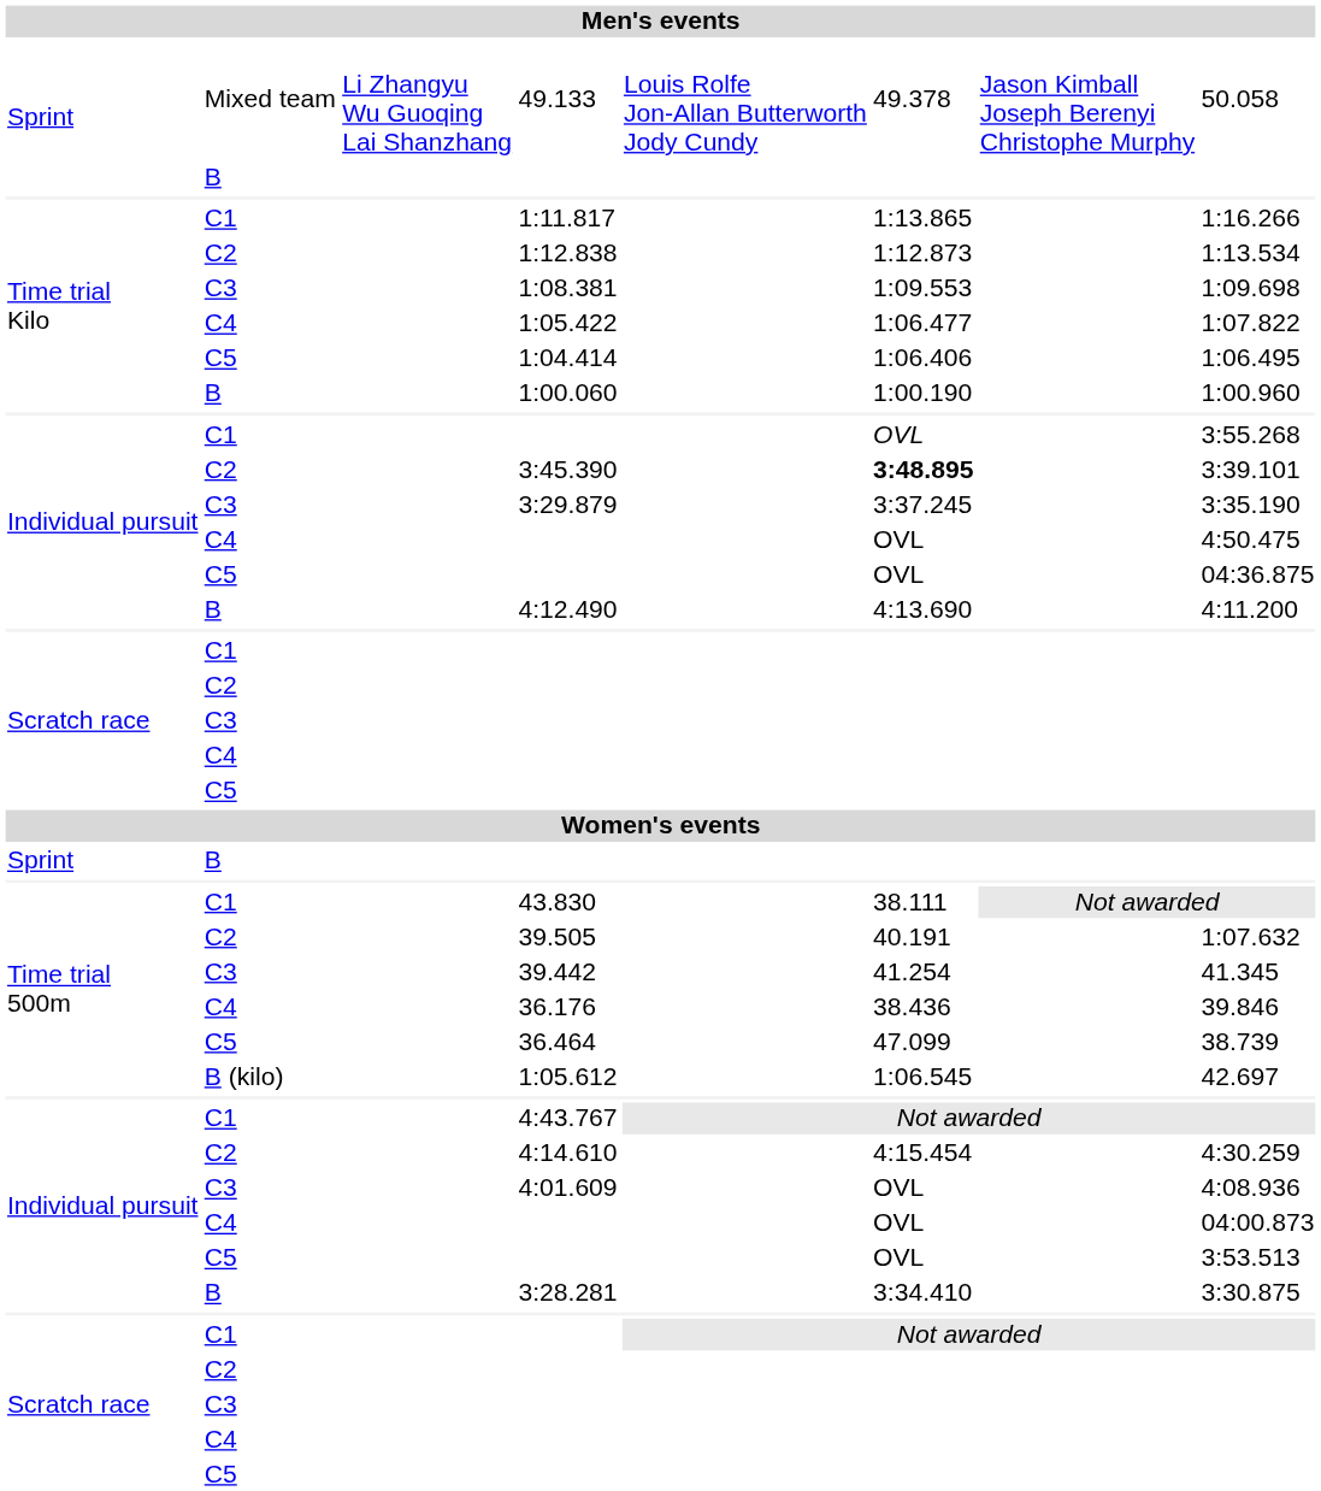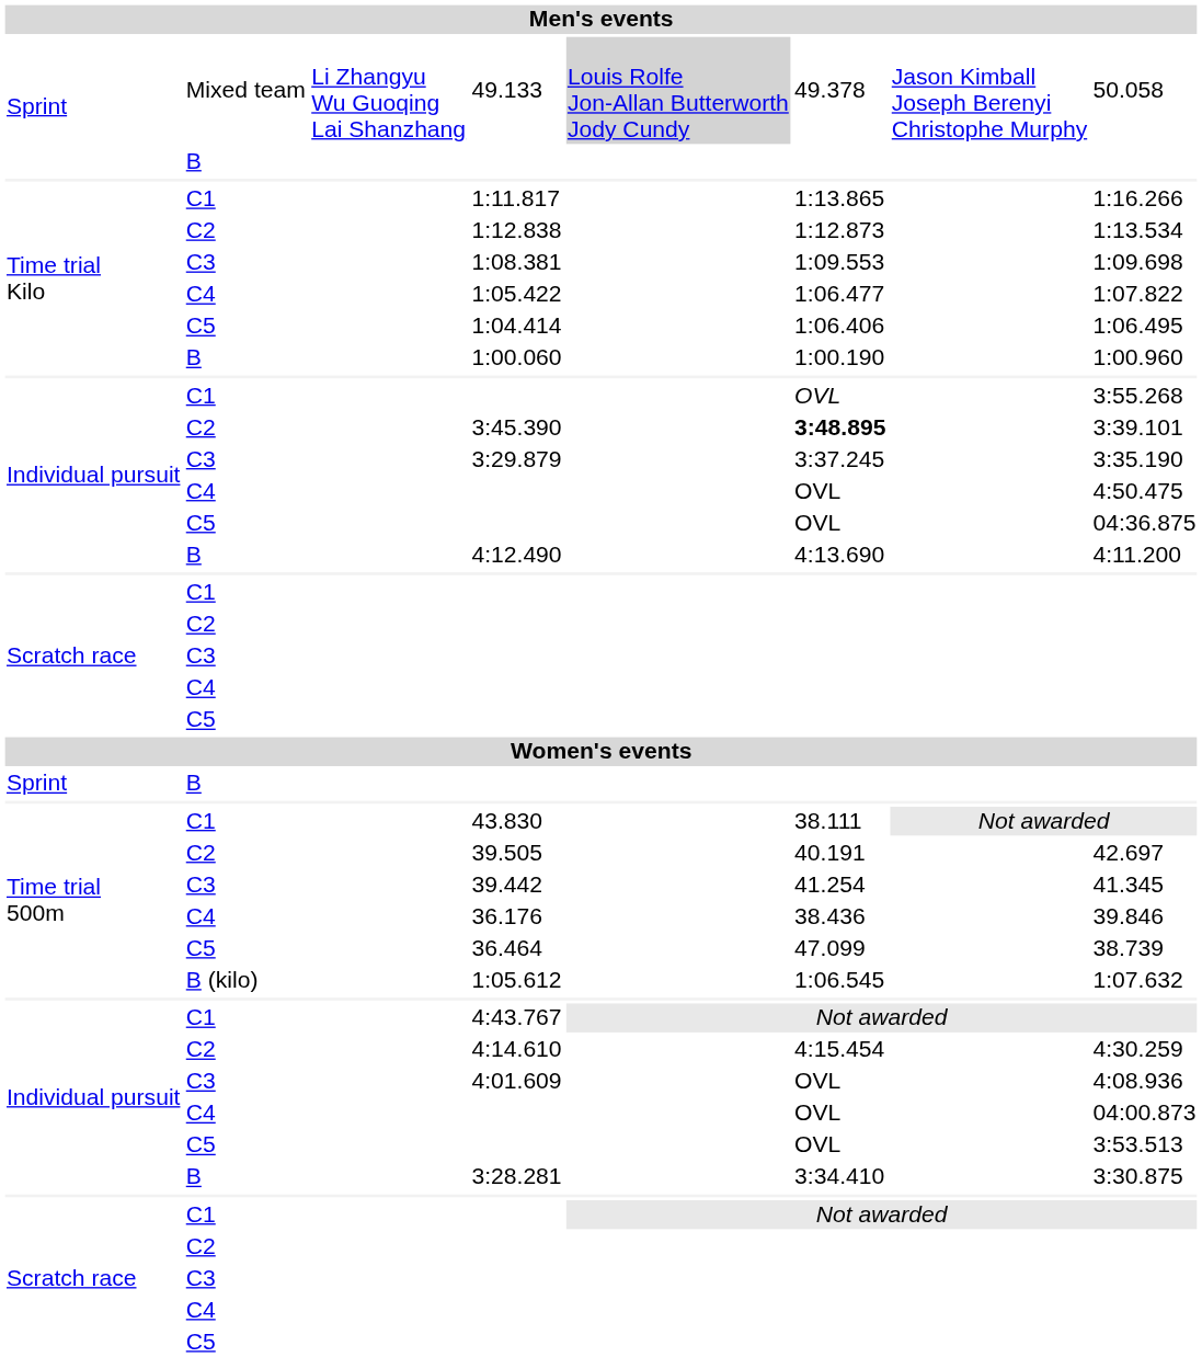 <table>
 <tr>
 <td colspan=8 bgcolor=#d8d8d8 align=center><strong>Men's events</strong></td>
 </tr>
 <tr>
 <td rowspan=2><a href='#'>Sprint</a></td>
 <td>Mixed team</td>
 <td><br><a href='#'>Li Zhangyu</a><br><a href='#'>Wu Guoqing</a><br><a href='#'>Lai Shanzhang</a></td>
 <td>49.133</td>
-<td><br><a href='#'>Louis Rolfe</a><br><a href='#'>Jon-Allan Butterworth</a><br><a href='#'>Jody Cundy</a></td>
+<td style="background: lightgrey;"><br><a href='#'>Louis Rolfe</a><br><a href='#'>Jon-Allan Butterworth</a><br><a href='#'>Jody Cundy</a></td>
 <td>49.378</td>
 <td><br><a href='#'>Jason Kimball</a><br><a href='#'>Joseph Berenyi</a><br><a href='#'>Christophe Murphy</a></td>
 <td>50.058</td>
 </tr>
 <tr>
 <td><a href='#'>B</a></td>
 <td colspan=2></td>
 <td colspan=2></td>
 <td colspan=2></td>
 </tr>
 <tr>
 <td colspan=8 bgcolor=#f2f2f2></td>
 </tr>
 <tr>
 <td rowspan=6><a href='#'>Time trial</a><br>Kilo</td>
 <td><a href='#'>C1</a></td>
 <td></td>
 <td>1:11.817</td>
 <td></td>
 <td>1:13.865</td>
 <td></td>
 <td>1:16.266</td>
 </tr>
 <tr>
 <td><a href='#'>C2</a></td>
 <td></td>
 <td>1:12.838</td>
 <td></td>
 <td>1:12.873</td>
 <td></td>
 <td>1:13.534</td>
 </tr>
 <tr>
 <td><a href='#'>C3</a></td>
 <td></td>
 <td>1:08.381</td>
 <td></td>
 <td>1:09.553</td>
 <td></td>
 <td>1:09.698</td>
 </tr>
 <tr>
 <td><a href='#'>C4</a></td>
 <td></td>
 <td>1:05.422</td>
 <td></td>
 <td>1:06.477</td>
 <td></td>
 <td>1:07.822</td>
 </tr>
 <tr>
 <td><a href='#'>C5</a></td>
 <td></td>
 <td>1:04.414</td>
 <td></td>
 <td>1:06.406</td>
 <td></td>
 <td>1:06.495</td>
 </tr>
 <tr>
 <td><a href='#'>B</a></td>
 <td></td>
 <td>1:00.060</td>
 <td></td>
 <td>1:00.190</td>
 <td></td>
 <td>1:00.960</td>
 </tr>
 <tr>
 <td colspan=8 bgcolor=#f2f2f2></td>
 </tr>
 <tr>
 <td rowspan=6><a href='#'>Individual pursuit</a></td>
 <td><a href='#'>C1</a></td>
 <td></td>
 <td></td>
 <td></td>
 <td><em>OVL</em></td>
 <td></td>
 <td>3:55.268</td>
 </tr>
 <tr>
 <td><a href='#'>C2</a></td>
 <td></td>
 <td>3:45.390</td>
 <td></td>
 <td><strong>3:48.895</strong></td>
 <td></td>
 <td>3:39.101</td>
 </tr>
 <tr>
 <td><a href='#'>C3</a></td>
 <td></td>
 <td>3:29.879</td>
 <td></td>
 <td>3:37.245</td>
 <td></td>
 <td>3:35.190</td>
 </tr>
 <tr>
 <td><a href='#'>C4</a></td>
 <td></td>
 <td></td>
 <td></td>
 <td>OVL</td>
 <td></td>
 <td>4:50.475</td>
 </tr>
 <tr>
 <td><a href='#'>C5</a></td>
 <td></td>
 <td></td>
 <td></td>
 <td>OVL</td>
 <td></td>
 <td>04:36.875</td>
 </tr>
 <tr>
 <td><a href='#'>B</a></td>
 <td></td>
 <td>4:12.490</td>
 <td></td>
 <td>4:13.690</td>
 <td></td>
 <td>4:11.200</td>
 </tr>
 <tr>
 <td colspan=8 bgcolor=#f2f2f2></td>
 </tr>
 <tr>
 <td rowspan=5><a href='#'>Scratch race</a></td>
 <td><a href='#'>C1</a></td>
 <td colspan=2></td>
 <td colspan=2></td>
 <td colspan=2></td>
 </tr>
 <tr>
 <td><a href='#'>C2</a></td>
 <td colspan=2></td>
 <td colspan=2></td>
 <td colspan=2></td>
 </tr>
 <tr>
 <td><a href='#'>C3</a></td>
 <td colspan=2></td>
 <td colspan=2></td>
 <td colspan=2></td>
 </tr>
 <tr>
 <td><a href='#'>C4</a></td>
 <td colspan=2></td>
 <td colspan=2></td>
 <td colspan=2></td>
 </tr>
 <tr>
 <td><a href='#'>C5</a></td>
 <td colspan=2></td>
 <td colspan=2></td>
 <td colspan=2></td>
 </tr>
 <tr>
 <td colspan=8 bgcolor=#d8d8d8 align=center><strong>Women's events</strong></td>
 </tr>
 <tr>
 <td rowspan=1><a href='#'>Sprint</a></td>
 <td><a href='#'>B</a></td>
 <td colspan=2></td>
 <td colspan=2></td>
 <td colspan=2></td>
 </tr>
 <tr>
 <td colspan=8 bgcolor=#f2f2f2></td>
 </tr>
 <tr>
 <td rowspan=6><a href='#'>Time trial</a><br>500m</td>
 <td><a href='#'>C1</a></td>
 <td></td>
 <td>43.830</td>
 <td></td>
 <td>38.111</td>
 <td colspan=2 bgcolor=#e8e8e8 align=center><em>Not awarded</em></td>
 </tr>
 <tr>
 <td><a href='#'>C2</a></td>
 <td></td>
 <td>39.505</td>
 <td></td>
 <td>40.191</td>
 <td></td>
-<td>1:07.632</td>
+<td>42.697</td>
 </tr>
 <tr>
 <td><a href='#'>C3</a></td>
 <td></td>
 <td>39.442</td>
 <td></td>
 <td>41.254</td>
 <td></td>
 <td>41.345</td>
 </tr>
 <tr>
 <td><a href='#'>C4</a></td>
 <td></td>
 <td>36.176</td>
 <td></td>
 <td>38.436</td>
 <td></td>
 <td>39.846</td>
 </tr>
 <tr>
 <td><a href='#'>C5</a></td>
 <td></td>
 <td>36.464</td>
 <td></td>
 <td>47.099</td>
 <td></td>
 <td>38.739</td>
 </tr>
 <tr>
 <td><a href='#'>B</a> (kilo)</td>
 <td></td>
 <td>1:05.612</td>
 <td></td>
 <td>1:06.545</td>
 <td></td>
-<td>42.697</td>
+<td>1:07.632</td>
 </tr>
 <tr>
 <td colspan=8 bgcolor=#f2f2f2></td>
 </tr>
 <tr>
 <td rowspan=6><a href='#'>Individual pursuit</a></td>
 <td><a href='#'>C1</a></td>
 <td></td>
 <td>4:43.767</td>
 <td colspan=4 bgcolor=#e8e8e8 align=center><em>Not awarded</em></td>
 </tr>
 <tr>
 <td><a href='#'>C2</a></td>
 <td></td>
 <td>4:14.610</td>
 <td></td>
 <td>4:15.454</td>
 <td></td>
 <td>4:30.259</td>
 </tr>
 <tr>
 <td><a href='#'>C3</a></td>
 <td></td>
 <td>4:01.609</td>
 <td></td>
 <td>OVL</td>
 <td></td>
 <td>4:08.936</td>
 </tr>
 <tr>
 <td><a href='#'>C4</a></td>
 <td></td>
 <td></td>
 <td></td>
 <td>OVL</td>
 <td></td>
 <td>04:00.873</td>
 </tr>
 <tr>
 <td><a href='#'>C5</a></td>
 <td></td>
 <td></td>
 <td></td>
 <td>OVL</td>
 <td></td>
 <td>3:53.513</td>
 </tr>
 <tr>
 <td><a href='#'>B</a></td>
 <td></td>
 <td>3:28.281</td>
 <td></td>
 <td>3:34.410</td>
 <td></td>
 <td>3:30.875</td>
 </tr>
 <tr>
 <td colspan=8 bgcolor=#f2f2f2></td>
 </tr>
 <tr>
 <td rowspan=5><a href='#'>Scratch race</a></td>
 <td><a href='#'>C1</a></td>
 <td colspan=2></td>
 <td colspan=4 bgcolor=#e8e8e8 align=center><em>Not awarded</em></td>
 </tr>
 <tr>
 <td><a href='#'>C2</a></td>
 <td colspan=2></td>
 <td colspan=2></td>
 <td colspan=2></td>
 </tr>
 <tr>
 <td><a href='#'>C3</a></td>
 <td colspan=2></td>
 <td colspan=2></td>
 <td colspan=2></td>
 </tr>
 <tr>
 <td><a href='#'>C4</a></td>
 <td colspan=2></td>
 <td colspan=2></td>
 <td colspan=2></td>
 </tr>
 <tr>
 <td><a href='#'>C5</a></td>
 <td colspan=2></td>
 <td colspan=2></td>
 <td colspan=2></td>
 </tr>
 </table>
